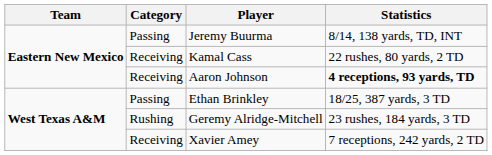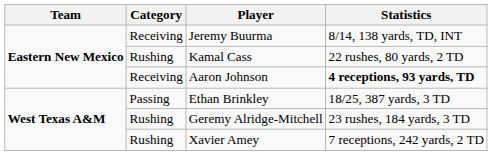 <table class="wikitable" style="float: right;">
 <tr>
 <th>Team</th>
 <th>Category</th>
 <th>Player</th>
 <th>Statistics</th>
 </tr>
 <tr>
 <td rowspan=3><strong>Eastern New Mexico</strong></td>
-<td>Passing</td>
+<td>Receiving</td>
 <td>Jeremy Buurma</td>
 <td>8/14, 138 yards, TD, INT</td>
 </tr>
 <tr>
-<td>Receiving</td>
+<td>Rushing</td>
 <td>Kamal Cass</td>
 <td>22 rushes, 80 yards, 2 TD</td>
 </tr>
 <tr>
 <td>Receiving</td>
 <td>Aaron Johnson</td>
 <td><strong>4 receptions, 93 yards, TD</strong></td>
 </tr>
 <tr>
 <td rowspan=3><strong>West Texas A&M</strong></td>
 <td>Passing</td>
 <td>Ethan Brinkley</td>
 <td>18/25, 387 yards, 3 TD</td>
 </tr>
 <tr>
 <td>Rushing</td>
 <td>Geremy Alridge-Mitchell</td>
 <td>23 rushes, 184 yards, 3 TD</td>
 </tr>
 <tr>
-<td>Receiving</td>
+<td>Rushing</td>
 <td>Xavier Amey</td>
 <td>7 receptions, 242 yards, 2 TD</td>
 </tr>
 </table>
